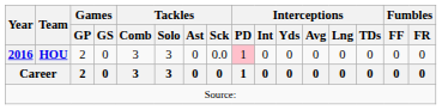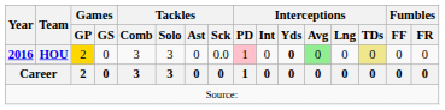 <table class="wikitable" style="text-align: center;">
 <tr>
 <th rowspan="2">Year</th>
 <th rowspan="2">Team</th>
 <th colspan="2">Games</th>
 <th colspan="4">Tackles</th>
 <th colspan="6">Interceptions</th>
 <th colspan="2">Fumbles</th>
 </tr>
 <tr>
 <th>GP</th>
 <th>GS</th>
 <th>Comb</th>
 <th>Solo</th>
 <th>Ast</th>
 <th>Sck</th>
 <th>PD</th>
 <th>Int</th>
 <th>Yds</th>
 <th>Avg</th>
 <th>Lng</th>
 <th>TDs</th>
 <th>FF</th>
 <th>FR</th>
 </tr>
 <tr>
 <th><a href='#'>2016</a></th>
 <th><a href='#'>HOU</a></th>
-<td>2</td>
+<td style="background: gold;">2</td>
 <td>0</td>
 <td>3</td>
 <td>3</td>
 <td>0</td>
 <td>0.0</td>
 <td style="background: pink;">1</td>
 <td>0</td>
+<td><strong>0</strong></td>
+<td style="background: lightgreen;">0</td>
 <td>0</td>
-<td>0</td>
-<td>0</td>
-<td>0</td>
+<td style="background: khaki;">0</td>
 <td>0</td>
 <td>0</td>
 </tr>
 <tr>
 <th colspan="2">Career</th>
 <th>2</th>
 <th>0</th>
 <th>3</th>
 <th>3</th>
 <th>0</th>
 <th>0</th>
 <th>1</th>
 <th>0</th>
 <th>0</th>
 <th>0</th>
 <th>0</th>
 <th>0</th>
 <th>0</th>
 <th>0</th>
 </tr>
 <tr>
 <td colspan="17"><small>Source: </small></td>
 </tr>
 </table>
